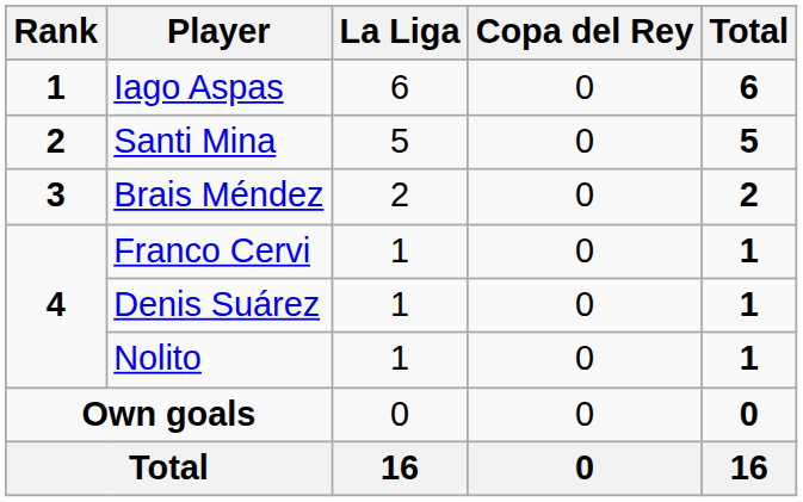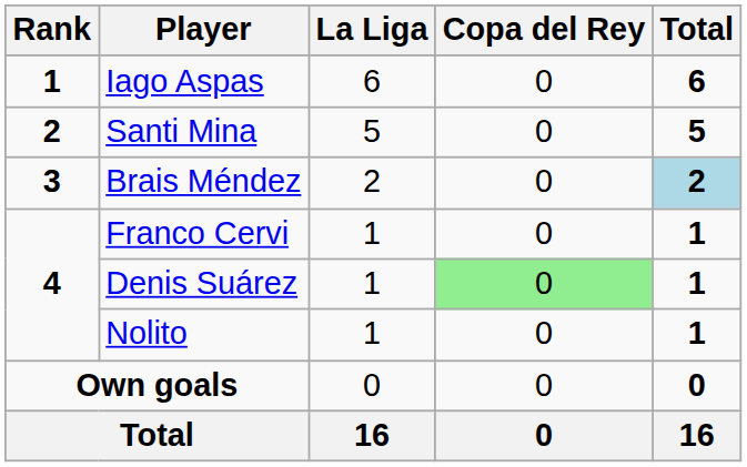 <table class="wikitable" style="text-align:center;">
 <tr>
 <th>Rank</th>
 <th>Player</th>
 <th>La Liga</th>
 <th>Copa del Rey</th>
 <th>Total</th>
 </tr>
 <tr>
 <td><strong>1</strong></td>
 <td align=left> <a href='#'>Iago Aspas</a></td>
 <td>6</td>
 <td>0</td>
 <td><strong>6</strong></td>
 </tr>
 <tr>
 <td><strong>2</strong></td>
 <td align=left> <a href='#'>Santi Mina</a></td>
 <td>5</td>
 <td>0</td>
 <td><strong>5</strong></td>
 </tr>
 <tr>
 <td><strong>3</strong></td>
 <td align=left> <a href='#'>Brais Méndez</a></td>
 <td>2</td>
 <td>0</td>
-<td><strong>2</strong></td>
+<td style="background: lightblue;"><strong>2</strong></td>
 </tr>
 <tr>
 <td rowspan=3><strong>4</strong></td>
 <td align=left> <a href='#'>Franco Cervi</a></td>
 <td>1</td>
 <td>0</td>
 <td><strong>1</strong></td>
 </tr>
 <tr>
 <td align=left> <a href='#'>Denis Suárez</a></td>
 <td>1</td>
-<td>0</td>
+<td style="background: lightgreen;">0</td>
 <td><strong>1</strong></td>
 </tr>
 <tr>
 <td align=left> <a href='#'>Nolito</a></td>
 <td>1</td>
 <td>0</td>
 <td><strong>1</strong></td>
 </tr>
 <tr>
 <td align=center colspan=2><strong>Own goals</strong></td>
 <td>0</td>
 <td>0</td>
 <td><strong>0</strong></td>
 </tr>
 <tr>
 <th colspan=2>Total</th>
 <th>16</th>
 <th>0</th>
 <th><strong>16</strong></th>
 </tr>
 </table>
